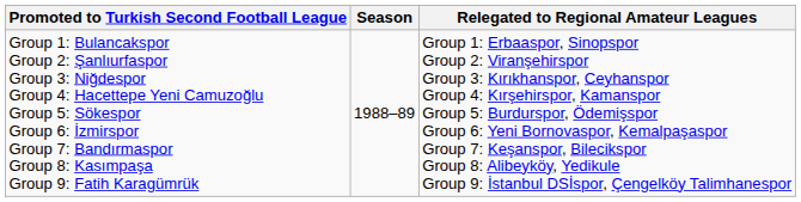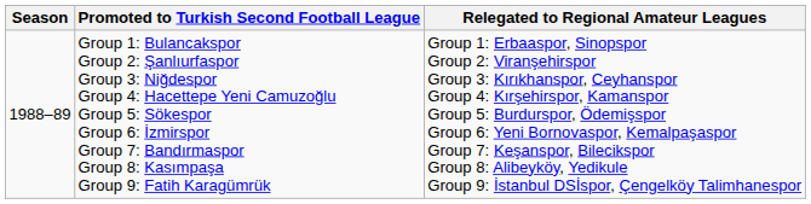 <table class="wikitable">
 <tr>
+<th>Season</th>
 <th>Promoted to <a href='#'>Turkish Second Football League</a></th>
-<th>Season</th>
 <th>Relegated to Regional Amateur Leagues</th>
 </tr>
 <tr>
+<td>1988–89</td>
 <td>Group 1: <a href='#'>Bulancakspor</a><br>Group 2: <a href='#'>Şanlıurfaspor</a><br> Group 3: <a href='#'>Niğdespor</a><br>Group 4: <a href='#'>Hacettepe Yeni Camuzoğlu</a><br>Group 5: <a href='#'>Sökespor</a><br>Group 6: <a href='#'>İzmirspor</a><br>Group 7: <a href='#'>Bandırmaspor</a><br>Group 8: <a href='#'>Kasımpaşa</a><br>Group 9: <a href='#'>Fatih Karagümrük</a></td>
-<td>1988–89</td>
 <td>Group 1: <a href='#'>Erbaaspor</a>, <a href='#'>Sinopspor</a><br> Group 2: <a href='#'>Viranşehirspor</a><br>Group 3: <a href='#'>Kırıkhanspor</a>, <a href='#'>Ceyhanspor</a><br>Group 4: <a href='#'>Kırşehirspor</a>, <a href='#'>Kamanspor</a><br>Group 5: <a href='#'>Burdurspor</a>, <a href='#'>Ödemişspor</a><br>Group 6: <a href='#'>Yeni Bornovaspor</a>, <a href='#'>Kemalpaşaspor</a><br>Group 7: <a href='#'>Keşanspor</a>, <a href='#'>Bilecikspor</a><br>Group 8: <a href='#'>Alibeyköy</a>, <a href='#'>Yedikule</a><br>Group 9: <a href='#'>İstanbul DSİspor</a>, <a href='#'>Çengelköy Talimhanespor</a></td>
 </tr>
 </table>
